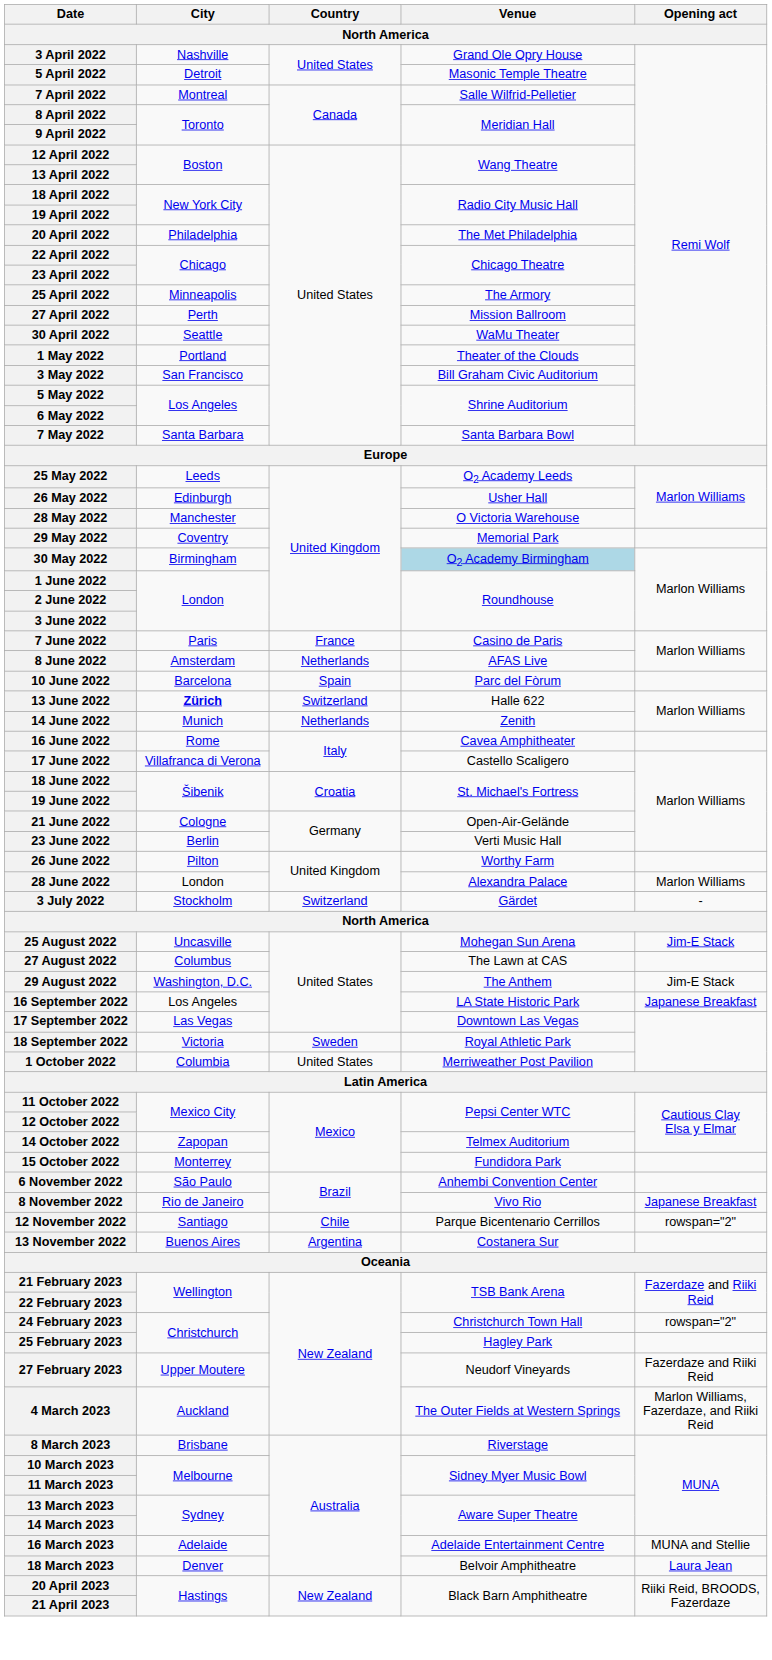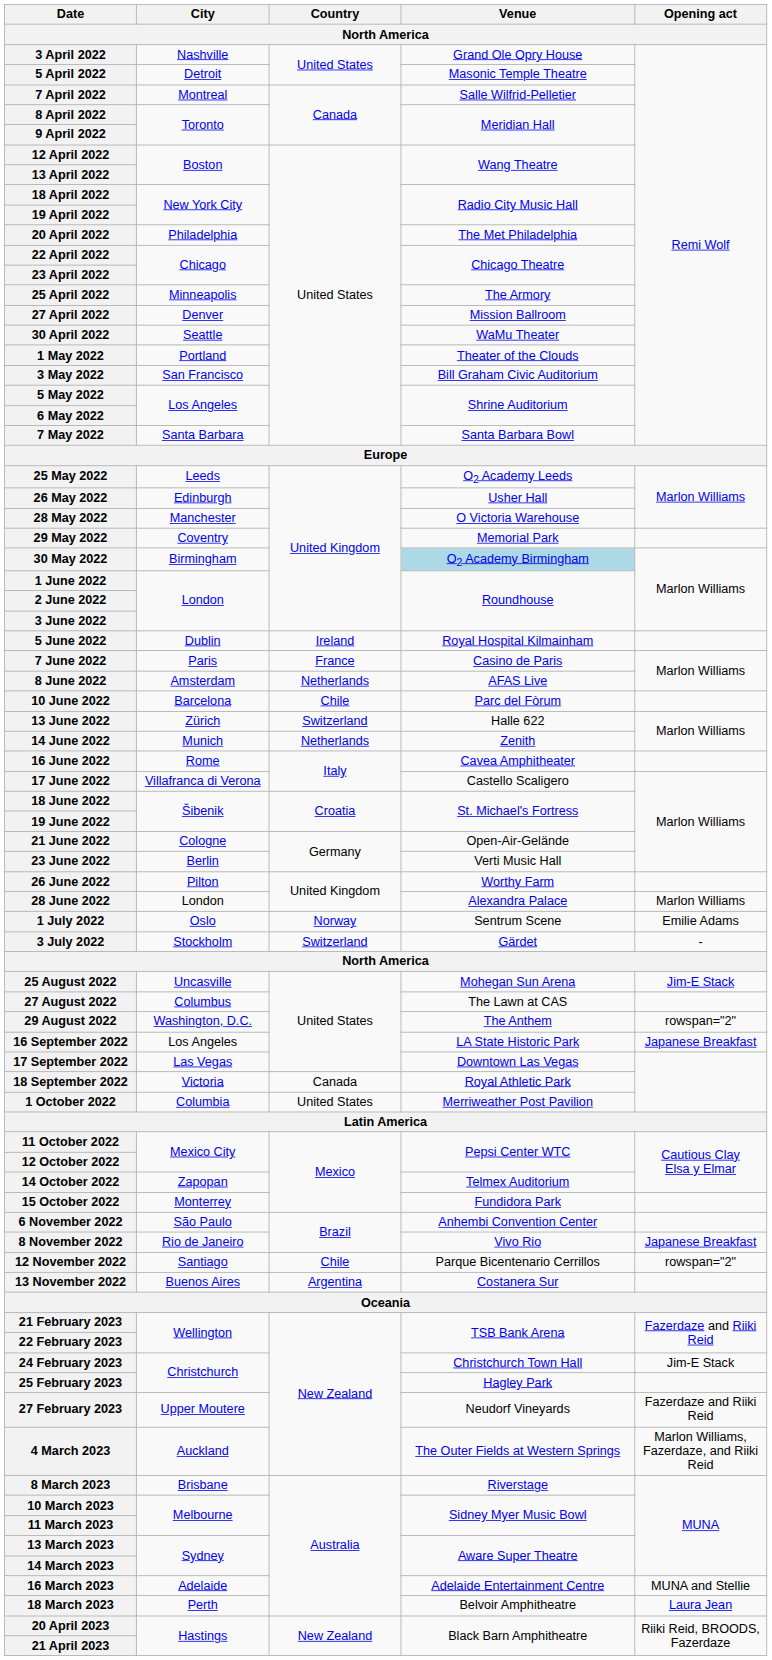 <table class="wikitable plainrowheaders" style="text-align:center;">
 <tr>
 <th scope="col" style="width:10em;">Date</th>
 <th scope="col" style="width:10em;">City</th>
 <th scope="col" style="width:10em;">Country</th>
 <th scope="col" style="width:18em;">Venue</th>
 <th scope="col" style="width:10em;">Opening act</th>
 </tr>
 <tr>
 <th colspan="5">North America</th>
 </tr>
 <tr>
 <th scope="row" style="text-align:center;">3 April 2022</th>
 <td><a href='#'>Nashville</a></td>
 <td rowspan="2"><a href='#'>United States</a></td>
 <td><a href='#'>Grand Ole Opry House</a></td>
 <td rowspan="20"><a href='#'>Remi Wolf</a></td>
 </tr>
 <tr>
 <th scope="row" style="text-align:center;">5 April 2022</th>
 <td><a href='#'>Detroit</a></td>
 <td><a href='#'>Masonic Temple Theatre</a></td>
 </tr>
 <tr>
 <th scope="row" style="text-align:center;">7 April 2022</th>
 <td><a href='#'>Montreal</a></td>
 <td rowspan="3"><a href='#'>Canada</a></td>
 <td><a href='#'>Salle Wilfrid-Pelletier</a></td>
 </tr>
 <tr>
 <th scope="row" style="text-align:center;">8 April 2022</th>
 <td rowspan="2"><a href='#'>Toronto</a></td>
 <td rowspan="2"><a href='#'>Meridian Hall</a></td>
 </tr>
 <tr>
 <th scope="row" style="text-align:center;">9 April 2022</th>
 </tr>
 <tr>
 <th scope="row" style="text-align:center;">12 April 2022</th>
 <td rowspan="2"><a href='#'>Boston</a></td>
 <td rowspan="15">United States</td>
 <td rowspan="2"><a href='#'>Wang Theatre</a></td>
 </tr>
 <tr>
 <th scope="row" style="text-align:center;">13 April 2022</th>
 </tr>
 <tr>
 <th scope="row" style="text-align:center;">18 April 2022</th>
 <td rowspan="2"><a href='#'>New York City</a></td>
 <td rowspan="2"><a href='#'>Radio City Music Hall</a></td>
 </tr>
 <tr>
 <th scope="row" style="text-align:center;">19 April 2022</th>
 </tr>
 <tr>
 <th scope="row" style="text-align:center;">20 April 2022</th>
 <td><a href='#'>Philadelphia</a></td>
 <td><a href='#'>The Met Philadelphia</a></td>
 </tr>
 <tr>
 <th scope="row" style="text-align:center;">22 April 2022</th>
 <td rowspan="2"><a href='#'>Chicago</a></td>
 <td rowspan="2"><a href='#'>Chicago Theatre</a></td>
 </tr>
 <tr>
 <th scope="row" style="text-align:center;">23 April 2022</th>
 </tr>
 <tr>
 <th scope="row" style="text-align:center;">25 April 2022</th>
 <td><a href='#'>Minneapolis</a></td>
 <td><a href='#'>The Armory</a></td>
 </tr>
 <tr>
 <th scope="row" style="text-align:center;">27 April 2022</th>
-<td><a href='#'>Perth</a></td>
+<td><a href='#'>Denver</a></td>
 <td><a href='#'>Mission Ballroom</a></td>
 </tr>
 <tr>
 <th scope="row" style="text-align:center;">30 April 2022</th>
 <td><a href='#'>Seattle</a></td>
 <td><a href='#'>WaMu Theater</a></td>
 </tr>
 <tr>
 <th scope="row" style="text-align:center;">1 May 2022</th>
 <td><a href='#'>Portland</a></td>
 <td><a href='#'>Theater of the Clouds</a></td>
 </tr>
 <tr>
 <th scope="row" style="text-align:center;">3 May 2022</th>
 <td><a href='#'>San Francisco</a></td>
 <td><a href='#'>Bill Graham Civic Auditorium</a></td>
 </tr>
 <tr>
 <th scope="row" style="text-align:center;">5 May 2022</th>
 <td rowspan="2"><a href='#'>Los Angeles</a></td>
 <td rowspan="2"><a href='#'>Shrine Auditorium</a></td>
 </tr>
 <tr>
 <th scope="row" style="text-align:center;">6 May 2022</th>
 </tr>
 <tr>
 <th scope="row" style="text-align:center;">7 May 2022</th>
 <td><a href='#'>Santa Barbara</a></td>
 <td><a href='#'>Santa Barbara Bowl</a></td>
 </tr>
 <tr>
 <th colspan="5">Europe</th>
 </tr>
 <tr>
 <th scope="row" style="text-align:center;">25 May 2022</th>
 <td><a href='#'>Leeds</a></td>
 <td rowspan="8"><a href='#'>United Kingdom</a></td>
 <td><a href='#'>O<sub>2</sub> Academy Leeds</a></td>
 <td rowspan="3"><a href='#'>Marlon Williams</a></td>
 </tr>
 <tr>
 <th scope="row" style="text-align:center;">26 May 2022</th>
 <td><a href='#'>Edinburgh</a></td>
 <td><a href='#'>Usher Hall</a></td>
 </tr>
 <tr>
 <th scope="row" style="text-align:center;">28 May 2022</th>
 <td><a href='#'>Manchester</a></td>
 <td><a href='#'>O Victoria Warehouse</a></td>
 </tr>
 <tr>
 <th scope="row" style="text-align:center;">29 May 2022</th>
 <td><a href='#'>Coventry</a></td>
 <td><a href='#'>Memorial Park</a></td>
 <td></td>
 </tr>
 <tr>
 <th scope="row" style="text-align:center;">30 May 2022</th>
 <td><a href='#'>Birmingham</a></td>
 <td style="background: lightblue;"><a href='#'>O<sub>2</sub> Academy Birmingham</a></td>
 <td rowspan="4">Marlon Williams</td>
 </tr>
 <tr>
 <th scope="row" style="text-align:center;">1 June 2022</th>
 <td rowspan="3"><a href='#'>London</a></td>
 <td rowspan="3"><a href='#'>Roundhouse</a></td>
 </tr>
 <tr>
 <th scope="row" style="text-align:center;">2 June 2022</th>
 </tr>
 <tr>
 <th scope="row" style="text-align:center;">3 June 2022</th>
 </tr>
 <tr>
+<th scope="row" style="text-align:center;">5 June 2022</th>
+<td><a href='#'>Dublin</a></td>
+<td><a href='#'>Ireland</a></td>
+<td><a href='#'>Royal Hospital Kilmainham</a></td>
+<td></td>
+</tr>
+<tr>
 <th scope="row" style="text-align:center;">7 June 2022</th>
 <td><a href='#'>Paris</a></td>
 <td><a href='#'>France</a></td>
 <td><a href='#'>Casino de Paris</a></td>
 <td rowspan="2">Marlon Williams</td>
 </tr>
 <tr>
 <th scope="row" style="text-align:center;">8 June 2022</th>
 <td><a href='#'>Amsterdam</a></td>
 <td><a href='#'>Netherlands</a></td>
 <td><a href='#'>AFAS Live</a></td>
 </tr>
 <tr>
 <th scope="row" style="text-align:center;">10 June 2022</th>
 <td><a href='#'>Barcelona</a></td>
-<td><a href='#'>Spain</a></td>
+<td><a href='#'>Chile</a></td>
 <td><a href='#'>Parc del Fòrum</a></td>
 <td></td>
 </tr>
 <tr>
 <th scope="row" style="text-align:center;">13 June 2022</th>
-<td><strong><a href='#'>Zürich</a></strong></td>
+<td><a href='#'>Zürich</a></td>
 <td><a href='#'>Switzerland</a></td>
 <td>Halle 622</td>
 <td rowspan="2">Marlon Williams</td>
 </tr>
 <tr>
 <th scope="row" style="text-align:center;">14 June 2022</th>
 <td><a href='#'>Munich</a></td>
 <td><a href='#'>Netherlands</a></td>
 <td><a href='#'>Zenith</a></td>
 </tr>
 <tr>
 <th scope="row" style="text-align:center;">16 June 2022</th>
 <td><a href='#'>Rome</a></td>
 <td rowspan="2"><a href='#'>Italy</a></td>
 <td><a href='#'>Cavea Amphitheater</a></td>
 <td></td>
 </tr>
 <tr>
 <th scope="row" style="text-align:center;">17 June 2022</th>
 <td><a href='#'>Villafranca di Verona</a></td>
 <td>Castello Scaligero</td>
 <td rowspan="5">Marlon Williams</td>
 </tr>
 <tr>
 <th scope="row" style="text-align:center;">18 June 2022</th>
 <td rowspan="2"><a href='#'>Šibenik</a></td>
 <td rowspan="2"><a href='#'>Croatia</a></td>
 <td rowspan="2"><a href='#'>St. Michael's Fortress</a></td>
 </tr>
 <tr>
 <th scope="row" style="text-align:center;">19 June 2022</th>
 </tr>
 <tr>
 <th scope="row" style="text-align:center;">21 June 2022</th>
 <td><a href='#'>Cologne</a></td>
 <td rowspan="2">Germany</td>
 <td>Open-Air-Gelände</td>
 </tr>
 <tr>
 <th scope="row" style="text-align:center;">23 June 2022</th>
 <td><a href='#'>Berlin</a></td>
 <td>Verti Music Hall</td>
 </tr>
 <tr>
 <th scope="row" style="text-align:center;">26 June 2022</th>
 <td><a href='#'>Pilton</a></td>
 <td rowspan="2">United Kingdom</td>
 <td><a href='#'>Worthy Farm</a></td>
 <td></td>
 </tr>
 <tr>
 <th scope="row" style="text-align:center;">28 June 2022</th>
 <td>London</td>
 <td><a href='#'>Alexandra Palace</a></td>
 <td>Marlon Williams</td>
 </tr>
 <tr>
+<th scope="row" style="text-align:center;">1 July 2022</th>
+<td><a href='#'>Oslo</a></td>
+<td><a href='#'>Norway</a></td>
+<td>Sentrum Scene</td>
+<td>Emilie Adams</td>
+</tr>
+<tr>
 <th scope="row" style="text-align:center;">3 July 2022</th>
 <td><a href='#'>Stockholm</a></td>
 <td><a href='#'>Switzerland</a></td>
 <td><a href='#'>Gärdet</a></td>
 <td>-</td>
 </tr>
 <tr>
 <th colspan="5">North America</th>
 </tr>
 <tr>
 <th scope="row" style="text-align:center;">25 August 2022</th>
 <td><a href='#'>Uncasville</a></td>
 <td rowspan="5">United States</td>
 <td><a href='#'>Mohegan Sun Arena</a></td>
 <td><a href='#'>Jim-E Stack</a></td>
 </tr>
 <tr>
 <th scope="row" style="text-align:center;">27 August 2022</th>
 <td><a href='#'>Columbus</a></td>
 <td>The Lawn at CAS</td>
 <td></td>
 </tr>
 <tr>
 <th scope="row" style="text-align:center;">29 August 2022</th>
 <td><a href='#'>Washington, D.C.</a></td>
 <td><a href='#'>The Anthem</a></td>
-<td>Jim-E Stack</td>
+<td>rowspan="2" </td>
 </tr>
 <tr>
 <th scope="row" style="text-align:center;">16 September 2022</th>
 <td>Los Angeles</td>
 <td><a href='#'>LA State Historic Park</a></td>
 <td><a href='#'>Japanese Breakfast</a></td>
 </tr>
 <tr>
 <th scope="row" style="text-align:center;">17 September 2022</th>
 <td><a href='#'>Las Vegas</a></td>
 <td><a href='#'>Downtown Las Vegas</a></td>
 </tr>
 <tr>
 <th scope="row" style="text-align:center;">18 September 2022</th>
 <td><a href='#'>Victoria</a></td>
-<td><a href='#'>Sweden</a></td>
+<td>Canada</td>
 <td><a href='#'>Royal Athletic Park</a></td>
 </tr>
 <tr>
 <th scope="row" style="text-align:center;">1 October 2022</th>
 <td><a href='#'>Columbia</a></td>
 <td>United States</td>
 <td><a href='#'>Merriweather Post Pavilion</a></td>
 </tr>
 <tr>
 <th colspan="5">Latin America</th>
 </tr>
 <tr>
 <th scope="row" style="text-align:center;">11 October 2022</th>
 <td rowspan="2"><a href='#'>Mexico City</a></td>
 <td rowspan="4"><a href='#'>Mexico</a></td>
 <td rowspan="2"><a href='#'>Pepsi Center WTC</a></td>
 <td rowspan="3"><a href='#'>Cautious Clay</a><br><a href='#'>Elsa y Elmar</a></td>
 </tr>
 <tr>
 <th scope="row" style="text-align:center;">12 October 2022</th>
 </tr>
 <tr>
 <th scope="row" style="text-align:center;">14 October 2022</th>
 <td><a href='#'>Zapopan</a></td>
 <td><a href='#'>Telmex Auditorium</a></td>
 </tr>
 <tr>
 <th scope="row" style="text-align:center;">15 October 2022</th>
 <td><a href='#'>Monterrey</a></td>
 <td><a href='#'>Fundidora Park</a></td>
 <td></td>
 </tr>
 <tr>
 <th scope="row" style="text-align:center;">6 November 2022</th>
 <td><a href='#'>São Paulo</a></td>
 <td rowspan="2"><a href='#'>Brazil</a></td>
 <td><a href='#'>Anhembi Convention Center</a></td>
 <td></td>
 </tr>
 <tr>
 <th scope="row" style="text-align:center;">8 November 2022</th>
 <td><a href='#'>Rio de Janeiro</a></td>
 <td><a href='#'>Vivo Rio</a></td>
 <td><a href='#'>Japanese Breakfast</a></td>
 </tr>
 <tr>
 <th scope="row" style="text-align:center;">12 November 2022</th>
 <td><a href='#'>Santiago</a></td>
 <td><a href='#'>Chile</a></td>
 <td>Parque Bicentenario Cerrillos</td>
 <td>rowspan="2" </td>
 </tr>
 <tr>
 <th scope="row" style="text-align:center;">13 November 2022</th>
 <td><a href='#'>Buenos Aires</a></td>
 <td><a href='#'>Argentina</a></td>
 <td><a href='#'>Costanera Sur</a></td>
 </tr>
 <tr>
 <th colspan="5">Oceania</th>
 </tr>
 <tr>
 <th scope="row" style="text-align:center;">21 February 2023</th>
 <td rowspan="2"><a href='#'>Wellington</a></td>
 <td rowspan="6"><a href='#'>New Zealand</a></td>
 <td rowspan="2"><a href='#'>TSB Bank Arena</a></td>
 <td rowspan="2"><a href='#'>Fazerdaze</a> and <a href='#'>Riiki Reid</a></td>
 </tr>
 <tr>
 <th scope="row" style="text-align:center;">22 February 2023</th>
 </tr>
 <tr>
 <th scope="row" style="text-align:center;">24 February 2023</th>
 <td rowspan="2"><a href='#'>Christchurch</a></td>
 <td><a href='#'>Christchurch Town Hall</a></td>
-<td>rowspan="2" </td>
+<td>Jim-E Stack</td>
 </tr>
 <tr>
 <th scope="row" style="text-align:center;">25 February 2023</th>
 <td><a href='#'>Hagley Park</a></td>
 </tr>
 <tr>
 <th scope="row" style="text-align:center;">27 February 2023</th>
 <td><a href='#'>Upper Moutere</a></td>
 <td>Neudorf Vineyards</td>
 <td>Fazerdaze and Riiki Reid</td>
 </tr>
 <tr>
 <th scope="row" style="text-align:center;">4 March 2023</th>
 <td><a href='#'>Auckland</a></td>
 <td><a href='#'>The Outer Fields at Western Springs</a></td>
 <td>Marlon Williams, Fazerdaze, and Riiki Reid</td>
 </tr>
 <tr>
 <th scope="row" style="text-align:center;">8 March 2023</th>
 <td><a href='#'>Brisbane</a></td>
 <td rowspan="7"><a href='#'>Australia</a></td>
 <td><a href='#'>Riverstage</a></td>
 <td rowspan="5"><a href='#'>MUNA</a></td>
 </tr>
 <tr>
 <th scope="row" style="text-align:center;">10 March 2023</th>
 <td rowspan="2"><a href='#'>Melbourne</a></td>
 <td rowspan="2"><a href='#'>Sidney Myer Music Bowl</a></td>
 </tr>
 <tr>
 <th scope="row" style="text-align:center;">11 March 2023</th>
 </tr>
 <tr>
 <th scope="row" style="text-align:center;">13 March 2023</th>
 <td rowspan="2"><a href='#'>Sydney</a></td>
 <td rowspan="2"><a href='#'>Aware Super Theatre</a></td>
 </tr>
 <tr>
 <th scope="row" style="text-align:center;">14 March 2023</th>
 </tr>
 <tr>
 <th scope="row" style="text-align:center;">16 March 2023</th>
 <td><a href='#'>Adelaide</a></td>
 <td><a href='#'>Adelaide Entertainment Centre</a></td>
 <td>MUNA and Stellie</td>
 </tr>
 <tr>
 <th scope="row" style="text-align:center;">18 March 2023</th>
-<td><a href='#'>Denver</a></td>
+<td><a href='#'>Perth</a></td>
 <td>Belvoir Amphitheatre</td>
 <td><a href='#'>Laura Jean</a></td>
 </tr>
 <tr>
 <th scope="row" style="text-align:center;">20 April 2023</th>
 <td rowspan="2"><a href='#'>Hastings</a></td>
 <td rowspan="2"><a href='#'>New Zealand</a></td>
 <td rowspan="2">Black Barn Amphitheatre</td>
 <td rowspan="2">Riiki Reid, BROODS, Fazerdaze</td>
 </tr>
 <tr>
 <th scope="row" style="text-align:center;">21 April 2023</th>
 </tr>
 </table>
